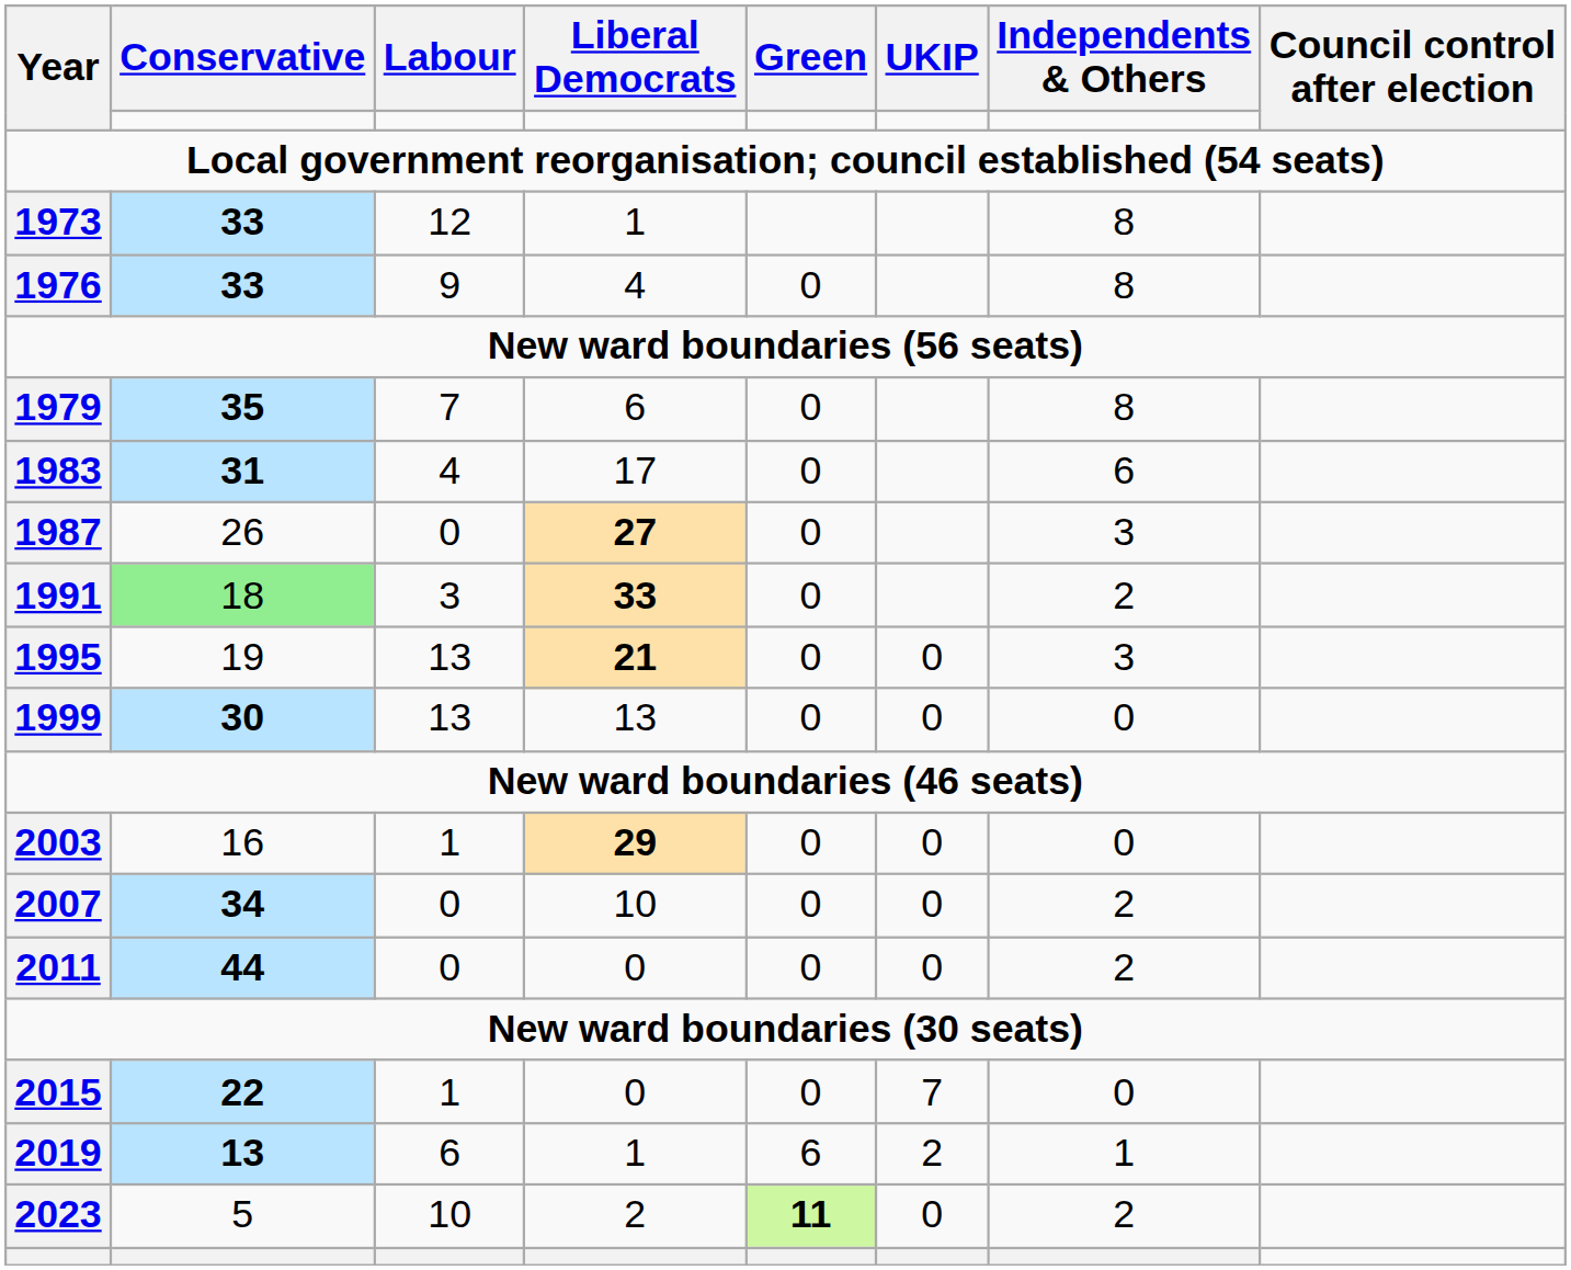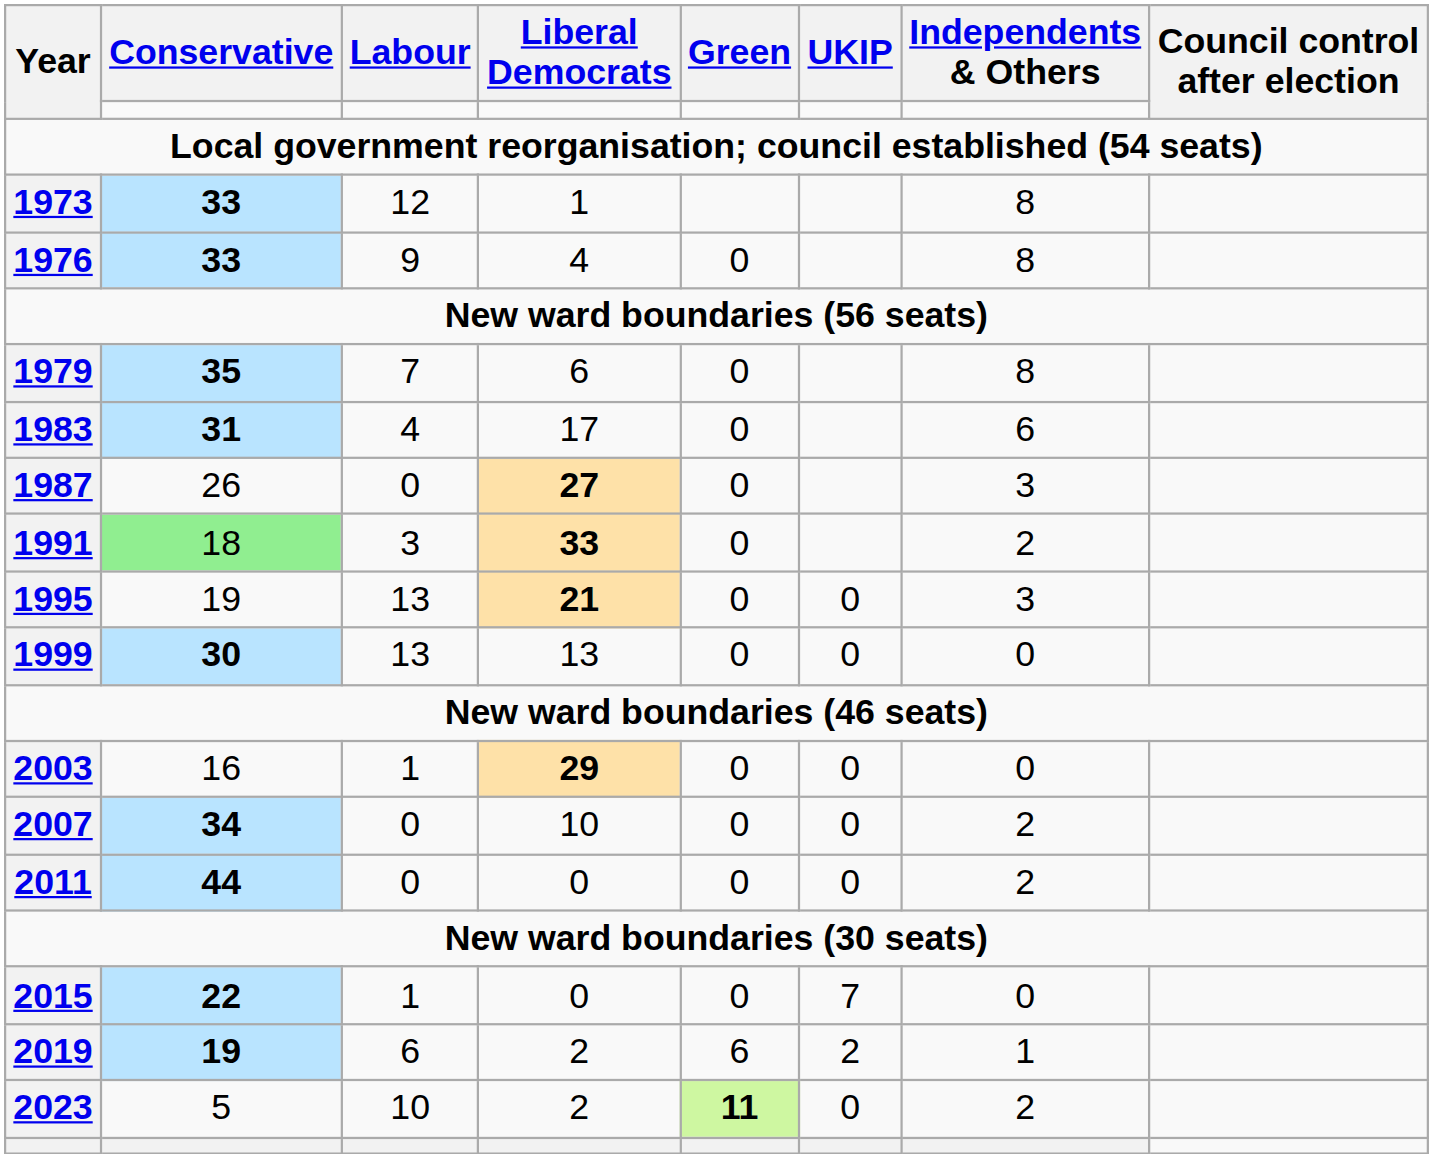 <table class="wikitable plainrowheaders" style="text-align:center">
 <tr>
 <th scope="col" rowspan="2">Year</th>
 <th scope="col"><a href='#'>Conservative</a></th>
 <th scope="col"><a href='#'>Labour</a></th>
 <th scope="col" style="width:1px"><a href='#'>Liberal Democrats</a></th>
 <th scope="col"><a href='#'>Green</a></th>
 <th scope="col"><a href='#'>UKIP</a></th>
 <th scope="col"><a href='#'>Independents</a><br>& Others</th>
 <th scope="col" rowspan="2" colspan="2">Council control<br>after election</th>
 </tr>
 <tr>
 <td style="background:"></td>
 <td style="background:"></td>
 <td style="background:"></td>
 <td style="background:"></td>
 <td style="background:"></td>
 <td style="background:"></td>
 </tr>
 <tr>
 <td colspan="9"><strong>Local government reorganisation; council established (54 seats)</strong></td>
 </tr>
 <tr>
 <th scope="row"><a href='#'>1973</a></th>
 <td style="background:#B9E4FF;"><strong>33</strong></td>
 <td>12</td>
 <td>1</td>
 <td></td>
 <td></td>
 <td>8</td>
 <td></td>
 </tr>
 <tr>
 <th scope="row"><a href='#'>1976</a></th>
 <td style="background:#B9E4FF;"><strong>33</strong></td>
 <td>9</td>
 <td>4</td>
 <td>0</td>
 <td></td>
 <td>8</td>
 <td></td>
 </tr>
 <tr>
 <td colspan="9"><strong>New ward boundaries (56 seats)</strong></td>
 </tr>
 <tr>
 <th scope="row"><a href='#'>1979</a></th>
 <td style="background:#B9E4FF;"><strong>35</strong></td>
 <td>7</td>
 <td>6</td>
 <td>0</td>
 <td></td>
 <td>8</td>
 <td></td>
 </tr>
 <tr>
 <th scope="row"><a href='#'>1983</a></th>
 <td style="background:#B9E4FF;"><strong>31</strong></td>
 <td>4</td>
 <td>17</td>
 <td>0</td>
 <td></td>
 <td>6</td>
 <td></td>
 </tr>
 <tr>
 <th scope="row"><a href='#'>1987</a></th>
 <td>26</td>
 <td>0</td>
 <td style="background:#FEE1A8"><strong>27</strong></td>
 <td>0</td>
 <td></td>
 <td>3</td>
 <td></td>
 </tr>
 <tr>
 <th scope="row"><a href='#'>1991</a></th>
 <td style="background: lightgreen;">18</td>
 <td>3</td>
 <td style="background:#FEE1A8"><strong>33</strong></td>
 <td>0</td>
 <td></td>
 <td>2</td>
 <td></td>
 </tr>
 <tr>
 <th scope="row"><a href='#'>1995</a></th>
 <td>19</td>
 <td>13</td>
 <td style="background:#FEE1A8"><strong>21</strong></td>
 <td>0</td>
 <td>0</td>
 <td>3</td>
 <td></td>
 </tr>
 <tr>
 <th scope="row"><a href='#'>1999</a></th>
 <td style="background:#B9E4FF;"><strong>30</strong></td>
 <td>13</td>
 <td>13</td>
 <td>0</td>
 <td>0</td>
 <td>0</td>
 <td></td>
 </tr>
 <tr>
 <td colspan="9"><strong>New ward boundaries (46 seats)</strong></td>
 </tr>
 <tr>
 <th scope="row"><a href='#'>2003</a></th>
 <td>16</td>
 <td>1</td>
 <td style="background:#FEE1A8"><strong>29</strong></td>
 <td>0</td>
 <td>0</td>
 <td>0</td>
 <td></td>
 </tr>
 <tr>
 <th scope="row"><a href='#'>2007</a></th>
 <td style="background:#B9E4FF;"><strong>34</strong></td>
 <td>0</td>
 <td>10</td>
 <td>0</td>
 <td>0</td>
 <td>2</td>
 <td></td>
 </tr>
 <tr>
 <th scope="row"><a href='#'>2011</a></th>
 <td style="background:#B9E4FF;"><strong>44</strong></td>
 <td>0</td>
 <td>0</td>
 <td>0</td>
 <td>0</td>
 <td>2</td>
 <td></td>
 </tr>
 <tr>
 <td colspan="9"><strong>New ward boundaries (30 seats)</strong></td>
 </tr>
 <tr>
 <th scope="row"><a href='#'>2015</a></th>
 <td style="background:#B9E4FF;"><strong>22</strong></td>
 <td>1</td>
 <td>0</td>
 <td>0</td>
 <td>7</td>
 <td>0</td>
 <td></td>
 </tr>
 <tr>
 <th scope="row"><a href='#'>2019</a></th>
-<td style="background:#B9E4FF;"><strong>13</strong></td>
+<td style="background:#B9E4FF;"><strong>19</strong></td>
 <td>6</td>
-<td>1</td>
+<td>2</td>
 <td>6</td>
 <td>2</td>
 <td>1</td>
 <td></td>
 </tr>
 <tr>
 <th scope="row"><a href='#'>2023</a></th>
 <td>5</td>
 <td>10</td>
 <td>2</td>
 <td style="background:#CEF7A1"><strong>11</strong></td>
 <td>0</td>
 <td>2</td>
 <td></td>
 </tr>
 <tr>
 <th></th>
 <th style="background-color: "></th>
 <th style="background-color: "></th>
 <th style="background-color: "></th>
 <th style="background-color: "></th>
 <th style="background-color: "></th>
 <th style="background-color: "></th>
 </tr>
 </table>
